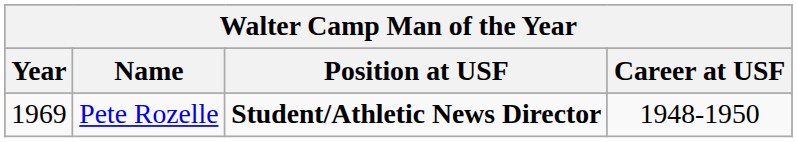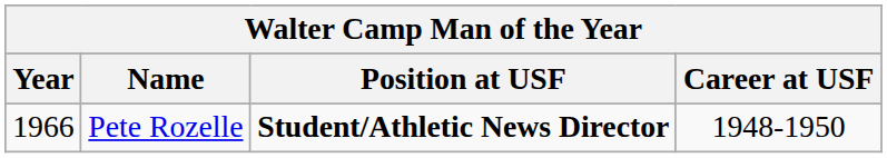 <table class="wikitable">
 <tr align="center">
 <th colspan=5>Walter Camp Man of the Year</th>
 </tr>
 <tr>
 <th>Year</th>
 <th>Name</th>
 <th>Position at USF</th>
 <th>Career at USF</th>
 </tr>
 <tr align="center" bgcolor="">
-<td>1969</td>
+<td>1966</td>
 <td><a href='#'>Pete Rozelle</a></td>
 <td><strong>Student/Athletic News Director</strong></td>
 <td>1948-1950</td>
 </tr>
 </table>
